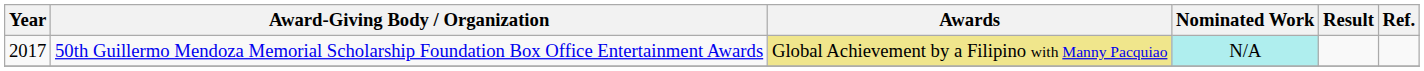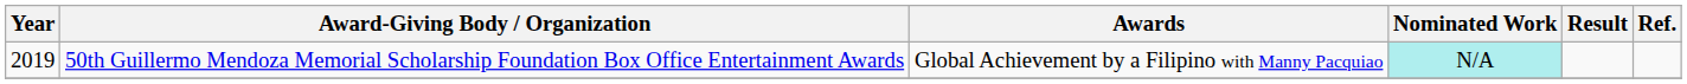 <table class="wikitable" style="font-size: 95%;">
 <tr>
 <th>Year</th>
 <th>Award-Giving Body / Organization</th>
 <th>Awards</th>
 <th>Nominated Work</th>
 <th>Result</th>
 <th>Ref.</th>
 </tr>
 <tr>
-<td>2017</td>
+<td>2019</td>
 <td><a href='#'>50th Guillermo Mendoza Memorial Scholarship Foundation Box Office Entertainment Awards</a></td>
-<td style="background: khaki;">Global Achievement by a Filipino <small>with <a href='#'>Manny Pacquiao</a></small></td>
+<td>Global Achievement by a Filipino <small>with <a href='#'>Manny Pacquiao</a></small></td>
 <td style="background: paleturquoise; text-align:center;">N/A</td>
 <td></td>
 <td></td>
 </tr>
 <tr>
 </tr>
 </table>
